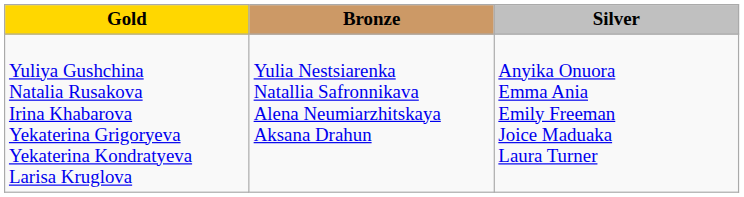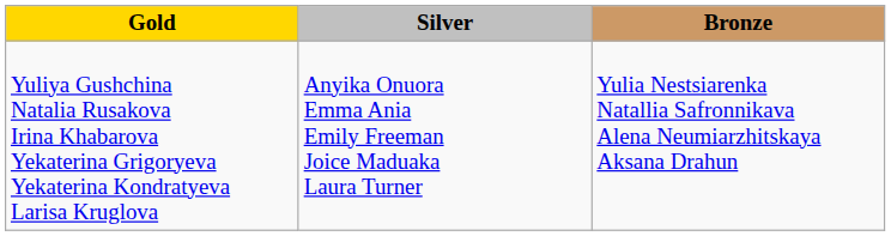 <table class="wikitable" style="text-align:left">
 <tr align="center">
 <td width=200 bgcolor=gold><strong>Gold</strong></td>
+<td width=200 bgcolor=silver><strong>Silver</strong></td>
 <td width=200 bgcolor=CC9966><strong>Bronze</strong></td>
-<td width=200 bgcolor=silver><strong>Silver</strong></td>
 </tr>
 <tr>
 <td><em></em><br><a href='#'>Yuliya Gushchina</a><br><a href='#'>Natalia Rusakova</a><br><a href='#'>Irina Khabarova</a><br><a href='#'>Yekaterina Grigoryeva</a><br><a href='#'>Yekaterina Kondratyeva</a><br><a href='#'>Larisa Kruglova</a></td>
+<td><em></em><br><a href='#'>Anyika Onuora</a><br><a href='#'>Emma Ania</a><br><a href='#'>Emily Freeman</a><br><a href='#'>Joice Maduaka</a><br><a href='#'>Laura Turner</a><br><br></td>
 <td><em></em><br><a href='#'>Yulia Nestsiarenka</a><br><a href='#'>Natallia Safronnikava</a><br><a href='#'>Alena Neumiarzhitskaya</a><br><a href='#'>Aksana Drahun</a><br><br><br></td>
-<td><em></em><br><a href='#'>Anyika Onuora</a><br><a href='#'>Emma Ania</a><br><a href='#'>Emily Freeman</a><br><a href='#'>Joice Maduaka</a><br><a href='#'>Laura Turner</a><br><br></td>
 </tr>
 </table>
